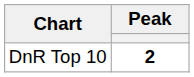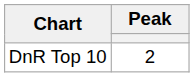 <table class="wikitable" style="background: #ffffff;">
 <tr>
 <th rowspan="2" style="background: #f0f0f0;">Chart</th>
 <th colspan="5" style="background: #f0f0f0;">Peak</th>
 </tr>
 <tr>
 <th width="60"><small></small></th>
 </tr>
 <tr>
 <td rowspan="1" align="center">DnR Top 10</td>
-<td align="center"><strong>2</strong></td>
+<td align="center">2</td>
 </tr>
 </table>
